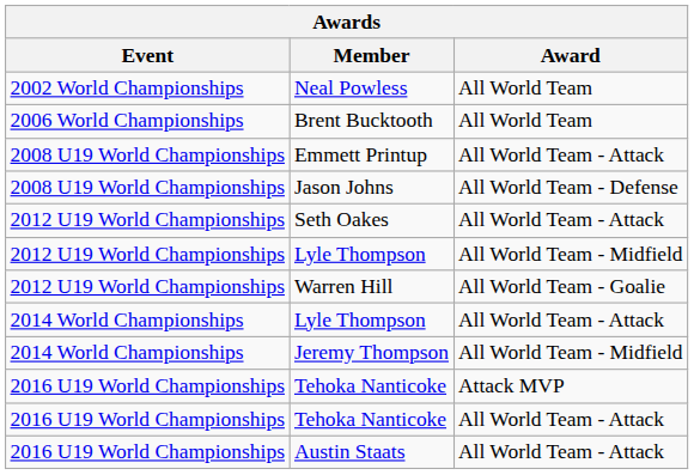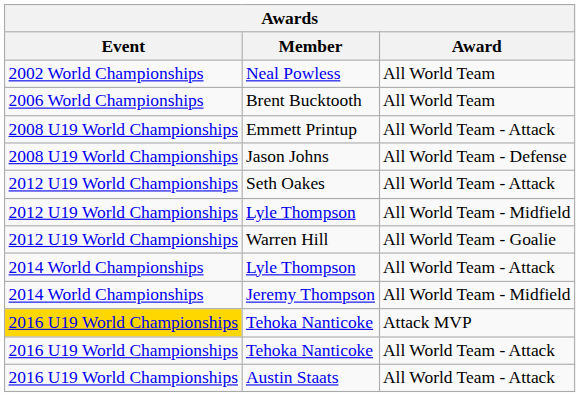 <table class="wikitable" style="text-align: left;">
 <tr>
 <th colspan="3">Awards</th>
 </tr>
 <tr>
 <th>Event</th>
 <th>Member</th>
 <th>Award</th>
 </tr>
 <tr>
 <td><a href='#'>2002 World Championships</a></td>
 <td><a href='#'>Neal Powless</a></td>
 <td>All World Team</td>
 </tr>
 <tr>
 <td><a href='#'>2006 World Championships</a></td>
 <td>Brent Bucktooth</td>
 <td>All World Team</td>
 </tr>
 <tr>
 <td><a href='#'>2008 U19 World Championships</a></td>
 <td>Emmett Printup</td>
 <td>All World Team - Attack</td>
 </tr>
 <tr |->
 <td><a href='#'>2008 U19 World Championships</a></td>
 <td>Jason Johns</td>
 <td>All World Team - Defense</td>
 </tr>
 <tr>
 <td><a href='#'>2012 U19 World Championships</a></td>
 <td>Seth Oakes</td>
 <td>All World Team - Attack</td>
 </tr>
 <tr>
 <td><a href='#'>2012 U19 World Championships</a></td>
 <td><a href='#'>Lyle Thompson</a></td>
 <td>All World Team - Midfield</td>
 </tr>
 <tr>
 <td><a href='#'>2012 U19 World Championships</a></td>
 <td>Warren Hill</td>
 <td>All World Team - Goalie</td>
 </tr>
 <tr>
 <td><a href='#'>2014 World Championships</a></td>
 <td><a href='#'>Lyle Thompson</a></td>
 <td>All World Team - Attack</td>
 </tr>
 <tr>
 <td><a href='#'>2014 World Championships</a></td>
 <td><a href='#'>Jeremy Thompson</a></td>
 <td>All World Team - Midfield</td>
 </tr>
 <tr>
-<td><a href='#'>2016 U19 World Championships</a></td>
+<td style="background: gold;"><a href='#'>2016 U19 World Championships</a></td>
 <td><a href='#'>Tehoka Nanticoke</a></td>
 <td>Attack MVP</td>
 </tr>
 <tr>
 <td><a href='#'>2016 U19 World Championships</a></td>
 <td><a href='#'>Tehoka Nanticoke</a></td>
 <td>All World Team - Attack</td>
 </tr>
 <tr>
 <td><a href='#'>2016 U19 World Championships</a></td>
 <td><a href='#'>Austin Staats</a></td>
 <td>All World Team - Attack</td>
 </tr>
 </table>
